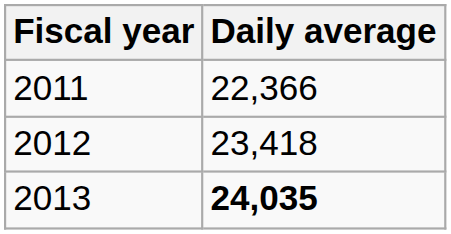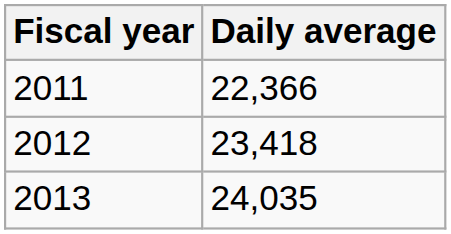 <table class="wikitable">
 <tr>
 <th>Fiscal year</th>
 <th>Daily average</th>
 </tr>
 <tr>
 <td>2011</td>
 <td>22,366</td>
 </tr>
 <tr>
 <td>2012</td>
 <td>23,418</td>
 </tr>
 <tr>
 <td>2013</td>
-<td><strong>24,035</strong></td>
+<td>24,035</td>
 </tr>
 </table>
